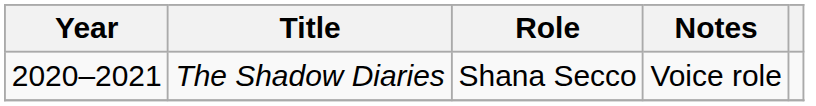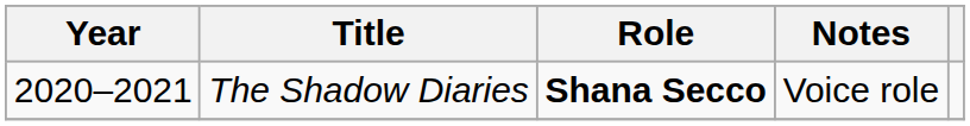 <table class="wikitable sortable">
 <tr>
 <th>Year</th>
 <th>Title</th>
 <th>Role</th>
 <th class="unsortable">Notes</th>
 <th scope="col"></th>
 </tr>
 <tr>
 <td>2020–2021</td>
 <td><em>The Shadow Diaries</em></td>
-<td>Shana Secco</td>
+<td><strong>Shana Secco</strong></td>
 <td>Voice role</td>
 <td style="text-align:center;"></td>
 </tr>
 <tr>
 </tr>
 </table>
